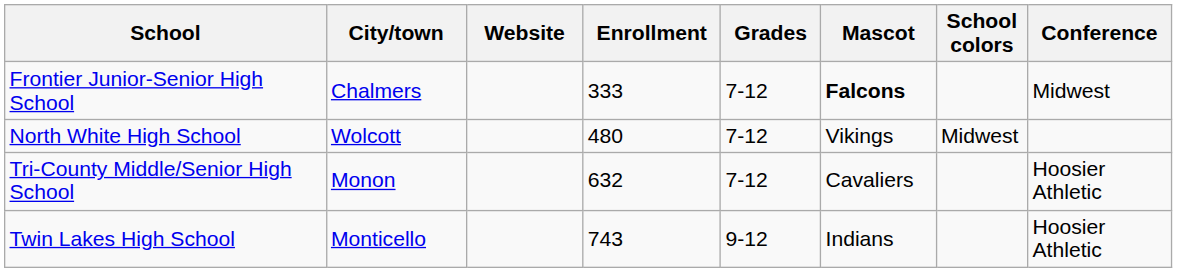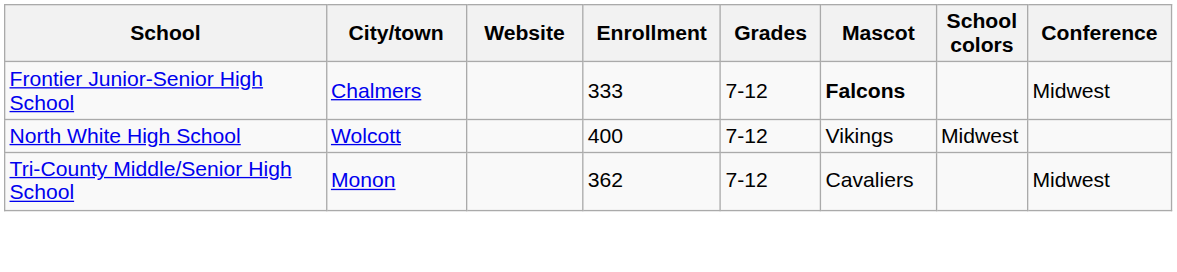 <table class="wikitable sortable" width="70%">
 <tr>
 <th width="20%">School</th>
 <th width="08%">City/town</th>
 <th width="06%">Website</th>
 <th width="04%">Enrollment</th>
 <th width="04%">Grades</th>
 <th width="04%">Mascot</th>
 <th width=01%>School colors</th>
 <th width="04%">Conference</th>
 </tr>
 <tr>
 <td><a href='#'>Frontier Junior-Senior High School</a></td>
 <td><a href='#'>Chalmers</a></td>
 <td></td>
 <td>333</td>
 <td>7-12</td>
 <td><strong>Falcons</strong></td>
 <td>  </td>
 <td>Midwest</td>
 </tr>
 <tr>
 <td><a href='#'>North White High School</a></td>
 <td><a href='#'>Wolcott</a></td>
 <td></td>
-<td>480</td>
+<td>400</td>
 <td>7-12</td>
 <td>Vikings</td>
 <td>Midwest</td>
 </tr>
 <tr>
 <td><a href='#'>Tri-County Middle/Senior High School</a></td>
 <td><a href='#'>Monon</a></td>
 <td></td>
-<td>632</td>
+<td>362</td>
 <td>7-12</td>
 <td>Cavaliers</td>
 <td>  </td>
-<td>Hoosier Athletic</td>
-</tr>
-<tr>
-<td><a href='#'>Twin Lakes High School</a></td>
-<td><a href='#'>Monticello</a></td>
-<td></td>
-<td>743</td>
-<td>9-12</td>
-<td>Indians</td>
-<td> </td>
-<td>Hoosier Athletic</td>
+<td>Midwest</td>
 </tr>
 </table>
